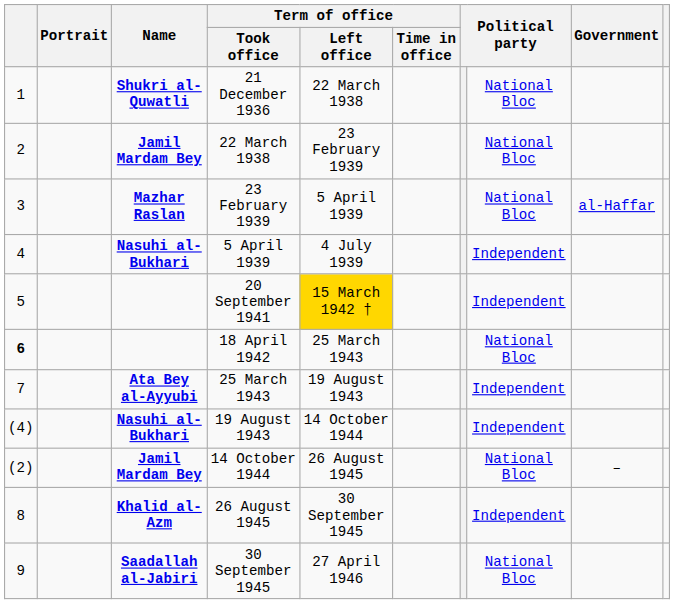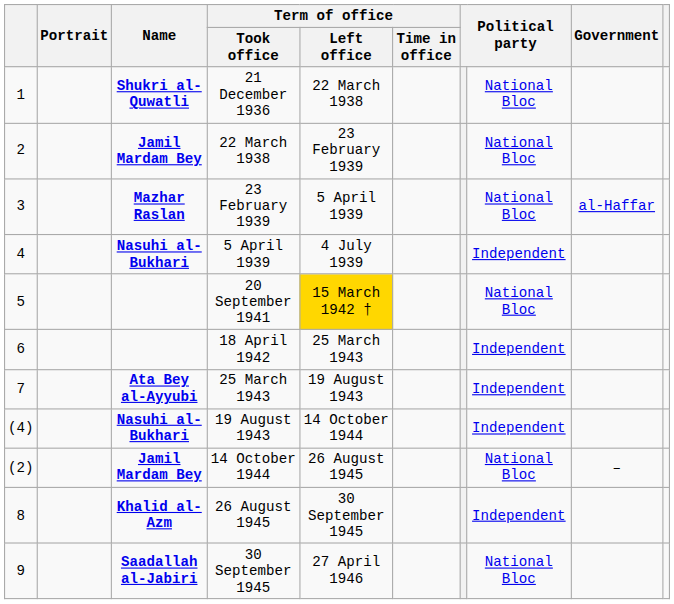 <table class="wikitable" style="text-align:center">
 <tr>
 <th rowspan="2"></th>
 <th rowspan="2">Portrait</th>
 <th rowspan="2">Name<br></th>
 <th colspan="3">Term of office</th>
 <th colspan="2" rowspan="2">Political party</th>
 <th rowspan="2">Government</th>
 <th rowspan="2"></th>
 </tr>
 <tr>
 <th>Took office</th>
 <th>Left office</th>
 <th>Time in office</th>
 </tr>
 <tr>
 <td>1</td>
 <td></td>
 <td><strong><a href='#'>Shukri al-Quwatli</a></strong><br></td>
 <td>21 December 1936</td>
 <td>22 March 1938</td>
 <td></td>
 <th style="background:"></th>
 <td><a href='#'>National Bloc</a></td>
 <td></td>
 <td></td>
 </tr>
 <tr>
 <td>2</td>
 <td></td>
 <td><strong><a href='#'>Jamil Mardam Bey</a></strong><br></td>
 <td>22 March 1938</td>
 <td>23 February 1939</td>
 <td></td>
 <th style="background:"></th>
 <td><a href='#'>National Bloc</a></td>
 <td></td>
 <td></td>
 </tr>
 <tr>
 <td>3</td>
 <td></td>
 <td><strong><a href='#'>Mazhar Raslan</a></strong><br></td>
 <td>23 February 1939</td>
 <td>5 April 1939</td>
 <td></td>
 <th style="background:"></th>
 <td><a href='#'>National Bloc</a></td>
 <td><a href='#'>al-Haffar</a></td>
 <td></td>
 </tr>
 <tr>
 <td>4</td>
 <td></td>
 <td><strong><a href='#'>Nasuhi al-Bukhari</a></strong><br></td>
 <td>5 April 1939</td>
 <td>4 July 1939</td>
 <td></td>
 <th style="background:"></th>
 <td><a href='#'>Independent</a></td>
 <td></td>
 <td></td>
 </tr>
 <tr>
 <td>5</td>
 <td></td>
 <td><strong></strong><br></td>
 <td>20 September 1941</td>
 <td style="background: gold;">15 March 1942 †</td>
 <td></td>
 <th style="background:"></th>
-<td><a href='#'>Independent</a></td>
+<td><a href='#'>National Bloc</a></td>
 <td></td>
 <td></td>
 </tr>
 <tr>
-<td><strong>6</strong></td>
+<td>6</td>
 <td></td>
 <td><strong></strong><br></td>
 <td>18 April 1942</td>
 <td>25 March 1943</td>
 <td></td>
 <th style="background:"></th>
-<td><a href='#'>National Bloc</a></td>
+<td><a href='#'>Independent</a></td>
 <td><br></td>
 <td></td>
 </tr>
 <tr>
 <td>7</td>
 <td></td>
 <td><strong><a href='#'>Ata Bey al-Ayyubi</a></strong><br></td>
 <td>25 March 1943</td>
 <td>19 August 1943</td>
 <td></td>
 <th style="background:"></th>
 <td><a href='#'>Independent</a></td>
 <td></td>
 <td></td>
 </tr>
 <tr>
 <td>(4)</td>
 <td></td>
 <td><strong><a href='#'>Nasuhi al-Bukhari</a></strong><br></td>
 <td>19 August 1943</td>
 <td>14 October 1944</td>
 <td></td>
 <th style="background:"></th>
 <td><a href='#'>Independent</a></td>
 <td></td>
 <td></td>
 </tr>
 <tr>
 <td>(2)</td>
 <td></td>
 <td><strong><a href='#'>Jamil Mardam Bey</a></strong><br></td>
 <td>14 October 1944</td>
 <td>26 August 1945</td>
 <td></td>
 <th style="background:"></th>
 <td><a href='#'>National Bloc</a></td>
 <td>–</td>
 <td></td>
 </tr>
 <tr>
 <td>8</td>
 <td></td>
 <td><strong><a href='#'>Khalid al-Azm</a></strong><br></td>
 <td>26 August 1945</td>
 <td>30 September 1945</td>
 <td></td>
 <th style="background:"></th>
 <td><a href='#'>Independent</a></td>
 <td></td>
 <td></td>
 </tr>
 <tr>
 <td>9</td>
 <td></td>
 <td><strong><a href='#'>Saadallah al-Jabiri</a></strong><br></td>
 <td>30 September 1945</td>
 <td>27 April 1946</td>
 <td></td>
 <th style="background:"></th>
 <td><a href='#'>National Bloc</a></td>
 <td></td>
 <td></td>
 </tr>
 </table>
